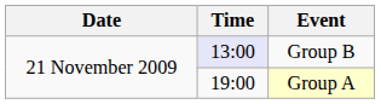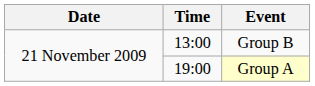 <table class = "wikitable" style="text-align:center;">
 <tr>
 <th width=150>Date</th>
 <th width=50>Time</th>
 <th width=80>Event</th>
 </tr>
 <tr>
 <td rowspan=2>21 November 2009</td>
-<td style="background: lavender;">13:00</td>
+<td>13:00</td>
 <td>Group B</td>
 </tr>
 <tr>
 <td>19:00</td>
 <td bgcolor=ffffcc>Group A</td>
 </tr>
 </table>
